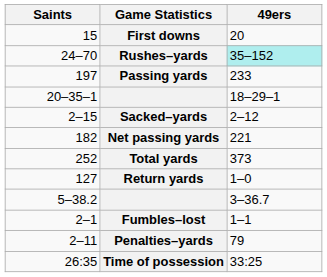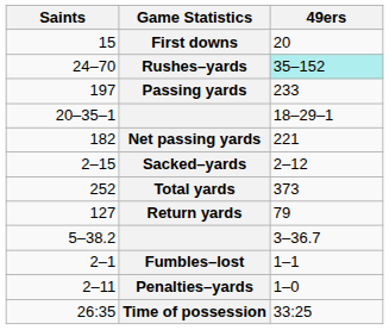 <table class="wikitable" style="margin: 1em auto 1em auto">
 <tr>
 <th style="width:30%;">Saints</th>
 <th style="width:40%;">Game Statistics</th>
 <th style="width:30%;">49ers</th>
 </tr>
 <tr>
 <td style="text-align:right;">15</td>
 <th>First downs</th>
 <td>20</td>
 </tr>
 <tr>
 <td style="text-align:right;">24–70</td>
 <th>Rushes–yards</th>
 <td style="background: paleturquoise;">35–152</td>
 </tr>
 <tr>
 <td style="text-align:right;">197</td>
 <th>Passing yards</th>
 <td>233</td>
 </tr>
 <tr>
 <td style="text-align:right;">20–35–1</td>
 <th></th>
 <td>18–29–1</td>
 </tr>
 <tr>
+<td style="text-align:right;">182</td>
+<th>Net passing yards</th>
+<td>221</td>
+</tr>
+<tr>
 <td style="text-align:right;">2–15</td>
 <th>Sacked–yards</th>
 <td>2–12</td>
-</tr>
-<tr>
-<td style="text-align:right;">182</td>
-<th>Net passing yards</th>
-<td>221</td>
 </tr>
 <tr>
 <td style="text-align:right;">252</td>
 <th>Total yards</th>
 <td>373</td>
 </tr>
 <tr>
 <td style="text-align:right;">127</td>
 <th>Return yards</th>
-<td>1–0</td>
+<td>79</td>
 </tr>
 <tr>
 <td style="text-align:right;">5–38.2</td>
 <th></th>
 <td>3–36.7</td>
 </tr>
 <tr>
 <td style="text-align:right;">2–1</td>
 <th>Fumbles–lost</th>
 <td>1–1</td>
 </tr>
 <tr>
 <td style="text-align:right;">2–11</td>
 <th>Penalties–yards</th>
-<td>79</td>
+<td>1–0</td>
 </tr>
 <tr>
 <td style="text-align:right;">26:35</td>
 <th>Time of possession</th>
 <td>33:25</td>
 </tr>
 </table>
